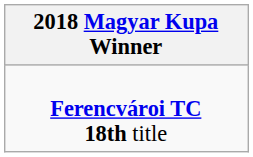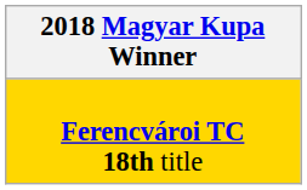 <table class=wikitable style="text-align:center; width:175px; margin:auto">
 <tr>
 <th>2018 <a href='#'>Magyar Kupa</a><br>Winner</th>
 </tr>
 <tr>
-<td><br><strong><a href='#'>Ferencvároi TC</a></strong><br><strong>18th</strong> title</td>
+<td style="background: gold;"><br><strong><a href='#'>Ferencvároi TC</a></strong><br><strong>18th</strong> title</td>
 </tr>
 </table>
